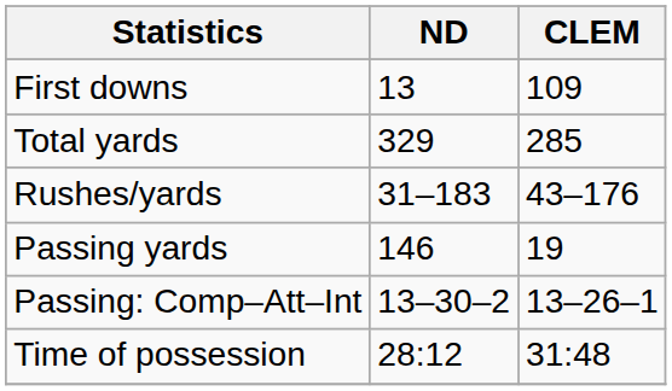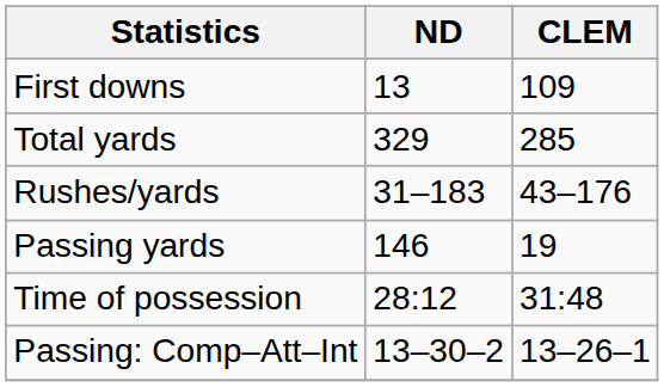 <table class="wikitable" style="float: left;">
 <tr>
 <th>Statistics</th>
 <th>ND</th>
 <th>CLEM</th>
 </tr>
 <tr>
 <td>First downs</td>
 <td>13</td>
 <td>109</td>
 </tr>
 <tr>
 <td>Total yards</td>
 <td>329</td>
 <td>285</td>
 </tr>
 <tr>
 <td>Rushes/yards</td>
 <td>31–183</td>
 <td>43–176</td>
 </tr>
 <tr>
 <td>Passing yards</td>
 <td>146</td>
 <td>19</td>
 </tr>
 <tr>
+<td>Time of possession</td>
+<td>28:12</td>
+<td>31:48</td>
+</tr>
+<tr>
 <td>Passing: Comp–Att–Int</td>
 <td>13–30–2</td>
 <td>13–26–1</td>
 </tr>
 <tr>
-<td>Time of possession</td>
-<td>28:12</td>
-<td>31:48</td>
-</tr>
-<tr>
 </tr>
 </table>
